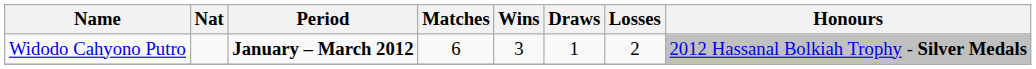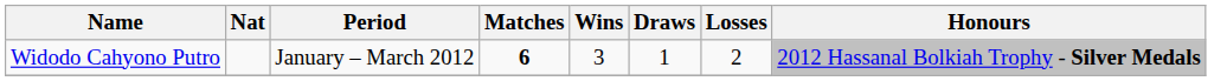 <table class="wikitable">
 <tr>
 <th>Name</th>
 <th>Nat</th>
 <th>Period</th>
 <th>Matches</th>
 <th>Wins</th>
 <th>Draws</th>
 <th>Losses</th>
 <th>Honours</th>
 </tr>
 <tr>
 <td><a href='#'>Widodo Cahyono Putro</a></td>
 <td align="center"></td>
-<td align="center"><strong>January – March 2012</strong></td>
-<td align="center">6</td>
+<td align="center">January – March 2012</td>
+<td align="center"><strong>6</strong></td>
 <td align="center">3</td>
 <td align="center">1</td>
 <td align="center">2</td>
 <td style=background:silver><a href='#'>2012 Hassanal Bolkiah Trophy</a> - <strong>Silver Medals</strong></td>
 </tr>
 <tr>
 </tr>
 </table>
